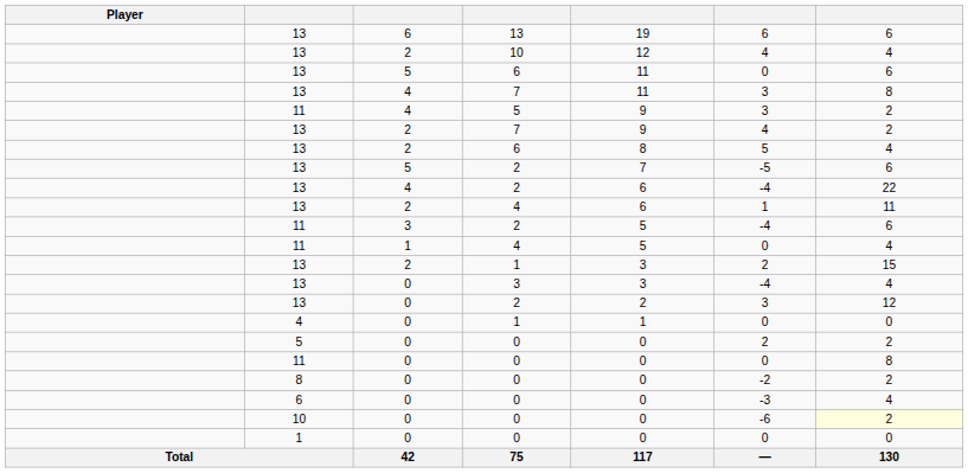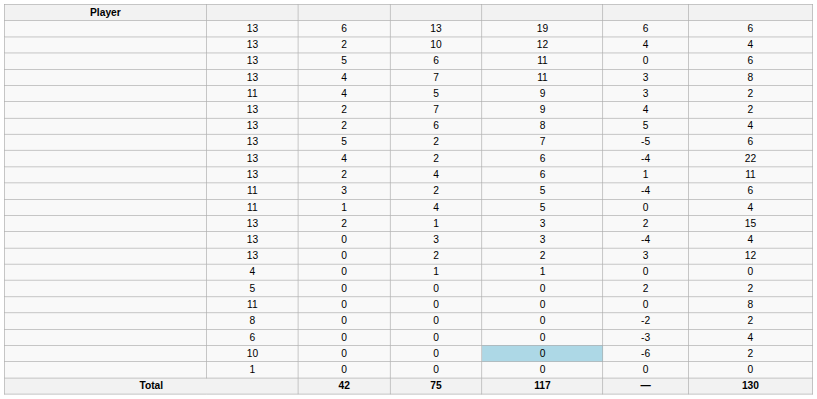 <table class="wikitable sortable" style="width:100%; text-align:center;">
 <tr>
 <th>Player</th>
 <th></th>
 <th></th>
 <th></th>
 <th></th>
 <th data-sort-type="number"></th>
 <th></th>
 </tr>
 <tr>
 <td></td>
 <td>13</td>
 <td>6</td>
 <td>13</td>
 <td>19</td>
 <td>6</td>
 <td>6</td>
 </tr>
 <tr>
 <td></td>
 <td>13</td>
 <td>2</td>
 <td>10</td>
 <td>12</td>
 <td>4</td>
 <td>4</td>
 </tr>
 <tr>
 <td></td>
 <td>13</td>
 <td>5</td>
 <td>6</td>
 <td>11</td>
 <td>0</td>
 <td>6</td>
 </tr>
 <tr>
 <td></td>
 <td>13</td>
 <td>4</td>
 <td>7</td>
 <td>11</td>
 <td>3</td>
 <td>8</td>
 </tr>
 <tr>
 <td></td>
 <td>11</td>
 <td>4</td>
 <td>5</td>
 <td>9</td>
 <td>3</td>
 <td>2</td>
 </tr>
 <tr>
 <td></td>
 <td>13</td>
 <td>2</td>
 <td>7</td>
 <td>9</td>
 <td>4</td>
 <td>2</td>
 </tr>
 <tr>
 <td></td>
 <td>13</td>
 <td>2</td>
 <td>6</td>
 <td>8</td>
 <td>5</td>
 <td>4</td>
 </tr>
 <tr>
 <td></td>
 <td>13</td>
 <td>5</td>
 <td>2</td>
 <td>7</td>
 <td>-5</td>
 <td>6</td>
 </tr>
 <tr>
 <td></td>
 <td>13</td>
 <td>4</td>
 <td>2</td>
 <td>6</td>
 <td>-4</td>
 <td>22</td>
 </tr>
 <tr>
 <td></td>
 <td>13</td>
 <td>2</td>
 <td>4</td>
 <td>6</td>
 <td>1</td>
 <td>11</td>
 </tr>
 <tr>
 <td></td>
 <td>11</td>
 <td>3</td>
 <td>2</td>
 <td>5</td>
 <td>-4</td>
 <td>6</td>
 </tr>
 <tr>
 <td></td>
 <td>11</td>
 <td>1</td>
 <td>4</td>
 <td>5</td>
 <td>0</td>
 <td>4</td>
 </tr>
 <tr>
 <td></td>
 <td>13</td>
 <td>2</td>
 <td>1</td>
 <td>3</td>
 <td>2</td>
 <td>15</td>
 </tr>
 <tr>
 <td></td>
 <td>13</td>
 <td>0</td>
 <td>3</td>
 <td>3</td>
 <td>-4</td>
 <td>4</td>
 </tr>
 <tr>
 <td></td>
 <td>13</td>
 <td>0</td>
 <td>2</td>
 <td>2</td>
 <td>3</td>
 <td>12</td>
 </tr>
 <tr>
 <td></td>
 <td>4</td>
 <td>0</td>
 <td>1</td>
 <td>1</td>
 <td>0</td>
 <td>0</td>
 </tr>
 <tr>
 <td></td>
 <td>5</td>
 <td>0</td>
 <td>0</td>
 <td>0</td>
 <td>2</td>
 <td>2</td>
 </tr>
 <tr>
 <td></td>
 <td>11</td>
 <td>0</td>
 <td>0</td>
 <td>0</td>
 <td>0</td>
 <td>8</td>
 </tr>
 <tr>
 <td></td>
 <td>8</td>
 <td>0</td>
 <td>0</td>
 <td>0</td>
 <td>-2</td>
 <td>2</td>
 </tr>
 <tr>
 <td></td>
 <td>6</td>
 <td>0</td>
 <td>0</td>
 <td>0</td>
 <td>-3</td>
 <td>4</td>
 </tr>
 <tr>
 <td></td>
 <td>10</td>
 <td>0</td>
 <td>0</td>
-<td>0</td>
+<td style="background: lightblue;">0</td>
 <td>-6</td>
-<td style="background: lightyellow;">2</td>
+<td>2</td>
 </tr>
 <tr>
 <td></td>
 <td>1</td>
 <td>0</td>
 <td>0</td>
 <td>0</td>
 <td>0</td>
 <td>0</td>
 </tr>
 <tr class="sortbottom">
 <th colspan=2>Total</th>
 <th>42</th>
 <th>75</th>
 <th>117</th>
 <th>—</th>
 <th>130</th>
 </tr>
 </table>
